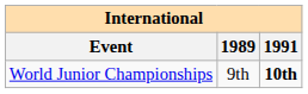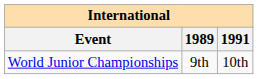 <table class="wikitable" style="text-align:center">
 <tr>
 <th colspan="3" style="background-color: #ffdead; " align="center"><strong>International</strong></th>
 </tr>
 <tr>
 <th>Event</th>
 <th>1989</th>
 <th>1991</th>
 </tr>
 <tr>
 <td align=left><a href='#'>World Junior Championships</a></td>
 <td>9th</td>
-<td><strong>10th</strong></td>
+<td>10th</td>
 </tr>
 </table>
